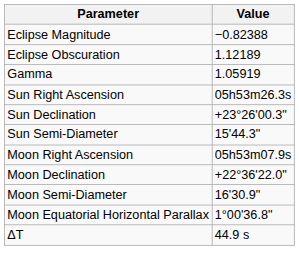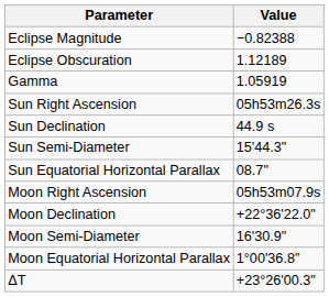 <table class="wikitable">
 <tr>
 <th>Parameter</th>
 <th>Value</th>
 </tr>
 <tr>
 <td>Eclipse Magnitude</td>
 <td>−0.82388</td>
 </tr>
 <tr>
 <td>Eclipse Obscuration</td>
 <td>1.12189</td>
 </tr>
 <tr>
 <td>Gamma</td>
 <td>1.05919</td>
 </tr>
 <tr>
 <td>Sun Right Ascension</td>
 <td>05h53m26.3s</td>
 </tr>
 <tr>
 <td>Sun Declination</td>
-<td>+23°26'00.3"</td>
+<td>44.9 s</td>
 </tr>
 <tr>
 <td>Sun Semi-Diameter</td>
 <td>15'44.3"</td>
+</tr>
+<tr>
+<td>Sun Equatorial Horizontal Parallax</td>
+<td>08.7"</td>
 </tr>
 <tr>
 <td>Moon Right Ascension</td>
 <td>05h53m07.9s</td>
 </tr>
 <tr>
 <td>Moon Declination</td>
 <td>+22°36'22.0"</td>
 </tr>
 <tr>
 <td>Moon Semi-Diameter</td>
 <td>16'30.9"</td>
 </tr>
 <tr>
 <td>Moon Equatorial Horizontal Parallax</td>
 <td>1°00'36.8"</td>
 </tr>
 <tr>
 <td>ΔT</td>
-<td>44.9 s</td>
+<td>+23°26'00.3"</td>
 </tr>
 </table>
